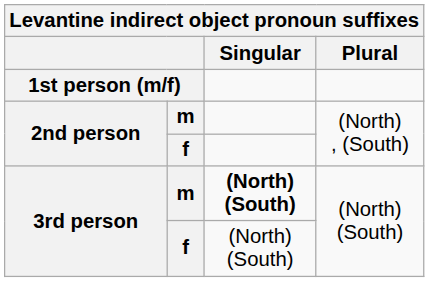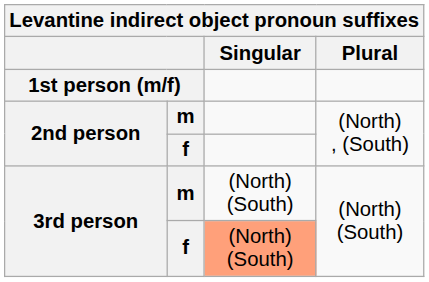 <table class="wikitable" style="text-align:center;">
 <tr>
 <th colspan="4">Levantine indirect object pronoun suffixes</th>
 </tr>
 <tr>
 <th colspan="2"></th>
 <th>Singular</th>
 <th>Plural</th>
 </tr>
 <tr>
 <th colspan="2">1st person (m/f)</th>
 <td> </td>
 <td> </td>
 </tr>
 <tr>
 <th rowspan="2">2nd person</th>
 <th>m</th>
 <td> </td>
 <td rowspan="2">  (North)<br> ,   (South)</td>
 </tr>
 <tr>
 <th>f</th>
 <td> </td>
 </tr>
 <tr>
 <th rowspan="2">3rd person</th>
 <th>m</th>
-<td><strong>  (North)<br>  (South)</strong></td>
+<td>  (North)<br>  (South)</td>
 <td rowspan="2">  (North)<br>  (South)</td>
 </tr>
 <tr>
 <th>f</th>
-<td>  (North)<br>  (South)</td>
+<td style="background: lightsalmon;">  (North)<br>  (South)</td>
 </tr>
 </table>
